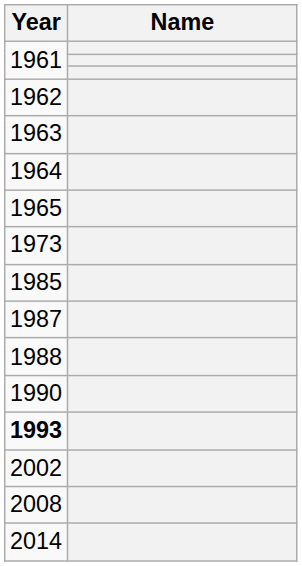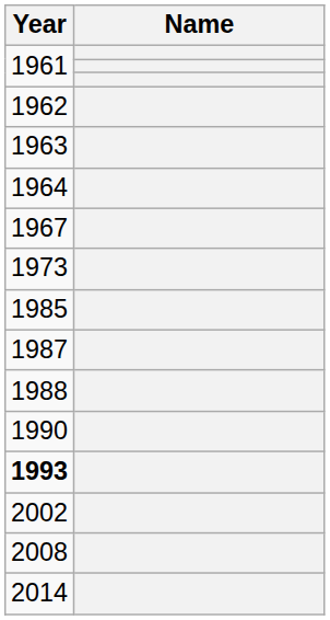 <table class="wikitable sortable plainrowheaders">
 <tr>
 <th scope="col">Year</th>
 <th scope="col" width=150>Name</th>
 </tr>
 <tr>
 <td rowspan="3">1961</td>
 <th scope="row"></th>
 </tr>
 <tr>
 <th scope="row"></th>
 </tr>
 <tr>
 <th scope="row"></th>
 </tr>
 <tr>
 <td>1962</td>
 <th scope="row"></th>
 </tr>
 <tr>
 <td>1963</td>
 <th scope="row"></th>
 </tr>
 <tr>
 <td>1964</td>
 <th scope="row"></th>
 </tr>
 <tr>
-<td>1965</td>
+<td>1967</td>
 <th scope="row"></th>
 </tr>
 <tr>
 <td>1973</td>
 <th scope="row"></th>
 </tr>
 <tr>
 <td>1985</td>
 <th scope="row"></th>
 </tr>
 <tr>
 <td>1987</td>
 <th scope="row"></th>
 </tr>
 <tr>
 <td>1988</td>
 <th scope="row"></th>
 </tr>
 <tr>
 <td>1990</td>
 <th scope="row"></th>
 </tr>
 <tr>
 <td><strong>1993</strong></td>
 <th scope="row"></th>
 </tr>
 <tr>
 <td>2002</td>
 <th scope="row"></th>
 </tr>
 <tr>
 <td>2008</td>
 <th scope="row"></th>
 </tr>
 <tr>
 <td>2014</td>
 <th scope="row"></th>
 </tr>
 </table>
